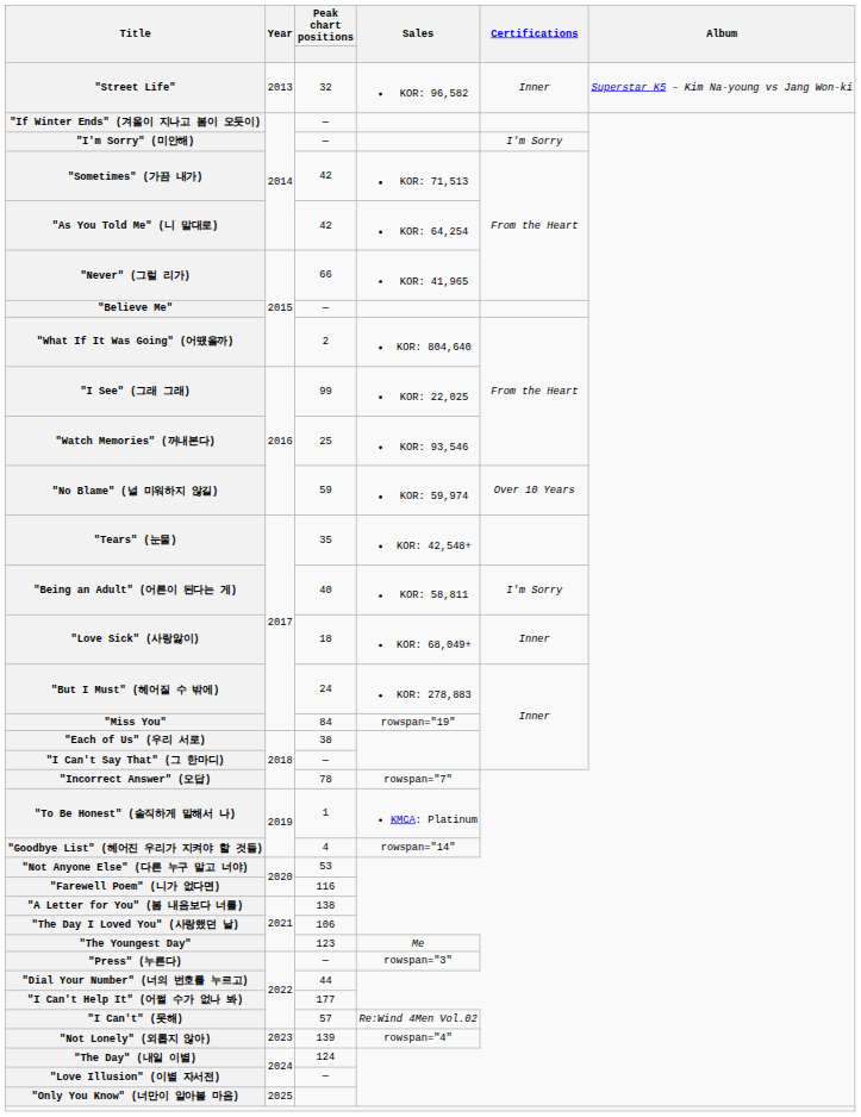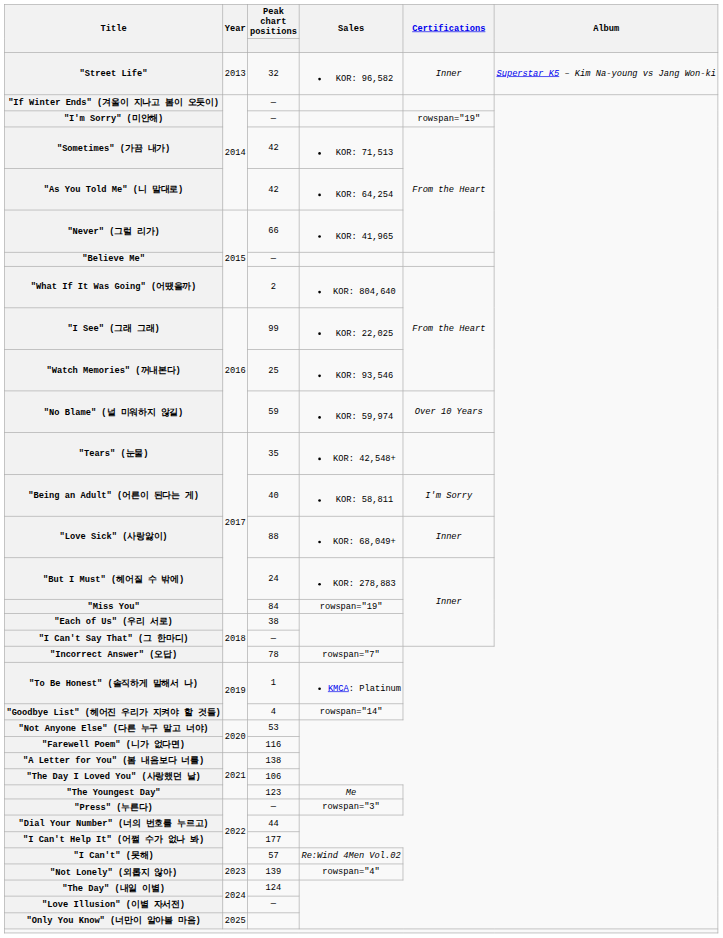 <table class="wikitable plainrowheaders" style="text-align:center">
 <tr>
 <th scope="col" rowspan="2">Title</th>
 <th scope="col" rowspan="2">Year</th>
 <th scope="col" colspan="1" style="width:5em">Peak chart positions</th>
 <th scope="col" rowspan="2">Sales</th>
 <th scope="col" rowspan="2" style="width:10em"><a href='#'>Certifications</a></th>
 <th scope="col" rowspan="2">Album</th>
 </tr>
 <tr>
 <th><br></th>
 </tr>
 <tr>
 <th scope="row">"Street Life"<br></th>
 <td>2013</td>
 <td>32</td>
 <td><br><ul><li>KOR: 96,582</li></ul></td>
 <td><em>Inner</em></td>
 <td><em><a href='#'>Superstar K5</a> – Kim Na-young vs Jang Won-ki</em></td>
 </tr>
 <tr>
 <th scope="row">"If Winter Ends" (겨울이 지나고 봄이 오듯이)<br></th>
 <td rowspan="4">2014</td>
 <td>—</td>
 <td></td>
 <td></td>
 </tr>
 <tr>
 <th scope="row">"I'm Sorry" (미안해)<br></th>
 <td>—</td>
 <td></td>
-<td><em>I'm Sorry</em></td>
+<td>rowspan="19" </td>
 </tr>
 <tr>
 <th scope="row">"Sometimes" (가끔 내가)</th>
 <td>42</td>
 <td><br><ul><li>KOR: 71,513</li></ul></td>
 <td rowspan="3"><em>From the Heart</em></td>
 </tr>
 <tr>
 <th scope="row">"As You Told Me" (니 말대로)</th>
 <td>42</td>
 <td><br><ul><li>KOR: 64,254</li></ul></td>
 </tr>
 <tr>
 <th scope="row">"Never" (그럴 리가)</th>
 <td rowspan="3">2015</td>
 <td>66</td>
 <td><br><ul><li>KOR: 41,965</li></ul></td>
 </tr>
 <tr>
 <th scope="row">"Believe Me"</th>
 <td>—</td>
 <td></td>
 <td></td>
 </tr>
 <tr>
 <th scope="row">"What If It Was Going" (어땠을까)</th>
 <td>2</td>
 <td><br><ul><li>KOR: 804,640</li></ul></td>
 <td rowspan="3"><em>From the Heart</em></td>
 </tr>
 <tr>
 <th scope="row">"I See" (그래 그래)</th>
 <td rowspan="3">2016</td>
 <td>99</td>
 <td><br><ul><li>KOR: 22,025</li></ul></td>
 </tr>
 <tr>
 <th scope="row">"Watch Memories" (꺼내본다)</th>
 <td>25</td>
 <td><br><ul><li>KOR: 93,546</li></ul></td>
 </tr>
 <tr>
 <th scope="row">"No Blame" (널 미워하지 않길)</th>
 <td>59</td>
 <td><br><ul><li>KOR: 59,974</li></ul></td>
 <td><em>Over 10 Years</em></td>
 </tr>
 <tr>
 <th scope="row">"Tears" (눈물)<br></th>
 <td rowspan="5">2017</td>
 <td>35</td>
 <td><br><ul><li>KOR: 42,548+</li></ul></td>
 <td></td>
 </tr>
 <tr>
 <th scope="row">"Being an Adult" (어른이 된다는 게)</th>
 <td>40</td>
 <td><br><ul><li>KOR: 58,811</li></ul></td>
 <td><em>I'm Sorry</em></td>
 </tr>
 <tr>
 <th scope="row">"Love Sick" (사랑앓이)<br></th>
-<td>18</td>
+<td>88</td>
 <td><br><ul><li>KOR: 68,049+</li></ul></td>
 <td><em>Inner</em></td>
 </tr>
 <tr>
 <th scope="row">"But I Must" (헤어질 수 밖에)</th>
 <td>24</td>
 <td><br><ul><li>KOR: 278,883</li></ul></td>
 <td rowspan="4"><em>Inner</em></td>
 </tr>
 <tr>
 <th scope="row">"Miss You"</th>
 <td>84</td>
 <td>rowspan="19" </td>
 </tr>
 <tr>
 <th scope="row">"Each of Us" (우리 서로)</th>
 <td rowspan="3">2018</td>
 <td>38</td>
 </tr>
 <tr>
 <th scope="row">"I Can't Say That" (그 한마디)</th>
 <td>—</td>
 </tr>
 <tr>
 <th scope="row">"Incorrect Answer" (오답)<br></th>
 <td>78</td>
 <td>rowspan="7" </td>
 </tr>
 <tr>
 <th scope="row">"To Be Honest" (솔직하게 말해서 나)</th>
 <td rowspan="2">2019</td>
 <td>1</td>
 <td><br><ul><li><a href='#'>KMCA</a>: Platinum</li></ul></td>
 </tr>
 <tr>
 <th scope="row">"Goodbye List" (헤어진 우리가 지켜야 할 것들)<br></th>
 <td>4</td>
 <td>rowspan="14" </td>
 </tr>
 <tr>
 <th scope="row">"Not Anyone Else" (다른 누구 말고 너야)</th>
 <td rowspan="2">2020</td>
 <td>53</td>
 </tr>
 <tr>
 <th scope="row">"Farewell Poem" (니가 없다면)</th>
 <td>116</td>
 </tr>
 <tr>
 <th scope="row">"A Letter for You" (봄 내음보다 너를)</th>
 <td rowspan="3">2021</td>
 <td>138</td>
 </tr>
 <tr>
 <th scope="row">"The Day I Loved You" (사랑했던 날)</th>
 <td>106</td>
 </tr>
 <tr>
 <th scope="row">"The Youngest Day"</th>
 <td>123</td>
 <td><em>Me</em></td>
 </tr>
 <tr>
 <th scope="row">"Press" (누른다)</th>
 <td rowspan="4">2022</td>
 <td>—</td>
 <td>rowspan="3" </td>
 </tr>
 <tr>
 <th scope="row">"Dial Your Number" (너의 번호를 누르고)</th>
 <td>44</td>
 </tr>
 <tr>
 <th scope="row">"I Can't Help It" (어쩔 수가 없나 봐)</th>
 <td>177</td>
 </tr>
 <tr>
 <th scope="row">"I Can't" (못해)</th>
 <td>57</td>
 <td><em>Re:Wind 4Men Vol.02</em></td>
 </tr>
 <tr>
 <th scope="row">"Not Lonely" (외롭지 않아)</th>
 <td>2023</td>
 <td>139</td>
 <td>rowspan="4" </td>
 </tr>
 <tr>
 <th scope="row">"The Day" (내일 이별)<br></th>
 <td rowspan="2">2024</td>
 <td>124</td>
 </tr>
 <tr>
 <th scope="row">"Love Illusion" (이별 자서전)</th>
 <td>—</td>
 </tr>
 <tr>
 <th scope="row">"Only You Know" (너만이 알아볼 마음)</th>
 <td>2025</td>
 <td></td>
 </tr>
 <tr>
 <td colspan="6"></td>
 </tr>
 </table>
